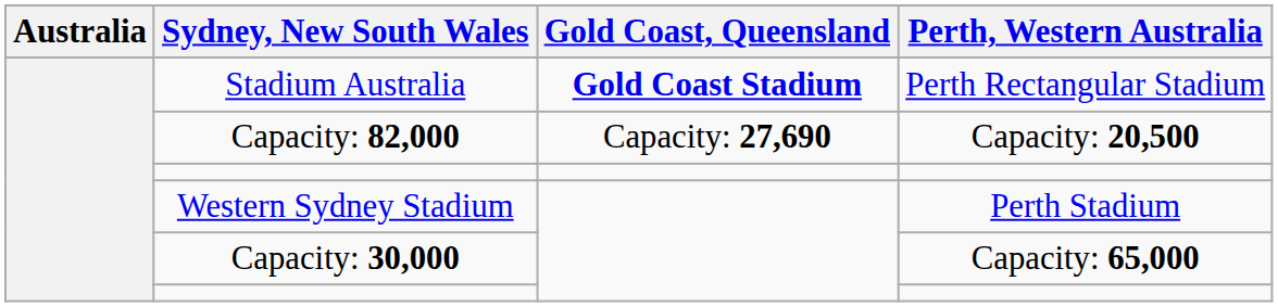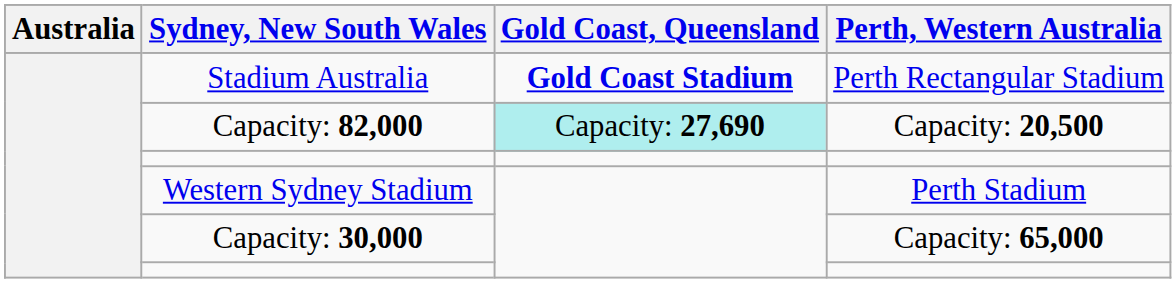 <table class="wikitable" style="text-align:center">
 <tr>
 <th>Australia</th>
 <th><a href='#'>Sydney, New South Wales</a></th>
 <th><a href='#'>Gold Coast, Queensland</a></th>
 <th><a href='#'>Perth, Western Australia</a></th>
 </tr>
 <tr>
 <th rowspan="6"></th>
 <td><a href='#'>Stadium Australia</a></td>
 <td><strong><a href='#'>Gold Coast Stadium</a></strong></td>
 <td><a href='#'>Perth Rectangular Stadium</a></td>
 </tr>
 <tr>
 <td>Capacity: <strong>82,000</strong></td>
-<td>Capacity: <strong>27,690</strong></td>
+<td style="background: paleturquoise;">Capacity: <strong>27,690</strong></td>
 <td>Capacity: <strong>20,500</strong></td>
 </tr>
 <tr>
 <td></td>
 <td></td>
 <td></td>
 </tr>
 <tr>
 <td><a href='#'>Western Sydney Stadium</a></td>
 <td rowspan="3"></td>
 <td><a href='#'>Perth Stadium</a></td>
 </tr>
 <tr>
 <td>Capacity: <strong>30,000</strong></td>
 <td>Capacity: <strong>65,000</strong></td>
 </tr>
 <tr>
 <td></td>
 <td></td>
 </tr>
 </table>
